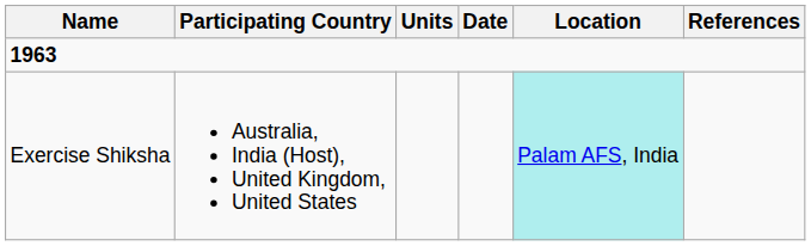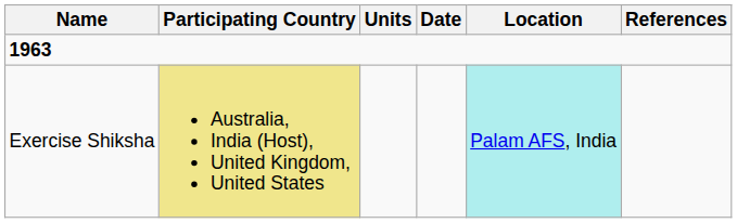 <table class="wikitable">
 <tr>
 <th>Name</th>
 <th>Participating Country</th>
 <th>Units</th>
 <th>Date</th>
 <th>Location</th>
 <th>References</th>
 </tr>
 <tr>
 <td colspan="6"><strong>1963</strong></td>
 </tr>
 <tr>
 <td>Exercise Shiksha</td>
-<td><br><ul><li>Australia,</li><li>India (Host),</li><li>United Kingdom,</li><li>United States</li></ul></td>
+<td style="background: khaki;"><br><ul><li>Australia,</li><li>India (Host),</li><li>United Kingdom,</li><li>United States</li></ul></td>
 <td></td>
 <td></td>
 <td style="background: paleturquoise;"><a href='#'>Palam AFS</a>, India</td>
 <td></td>
 </tr>
 </table>
